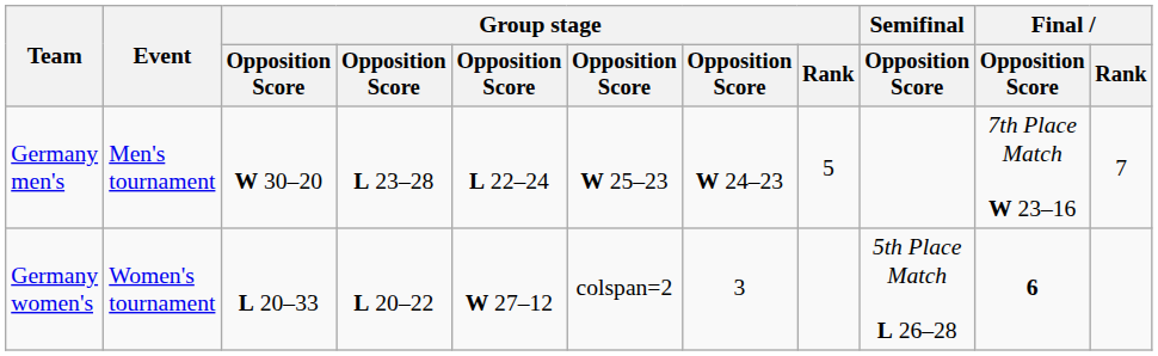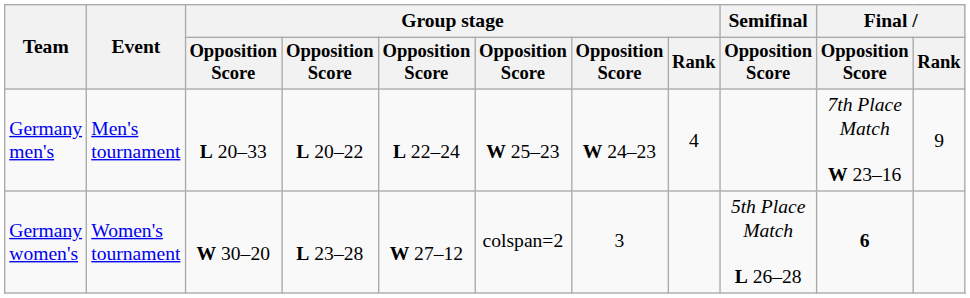 <table class="wikitable" style="font-size:90%">
 <tr>
 <th rowspan=2>Team</th>
 <th rowspan=2>Event</th>
 <th colspan=6>Group stage</th>
 <th>Semifinal</th>
 <th colspan=2>Final / </th>
 </tr>
 <tr style="font-size:95%">
 <th>Opposition<br>Score</th>
 <th>Opposition<br>Score</th>
 <th>Opposition<br>Score</th>
 <th>Opposition<br>Score</th>
 <th>Opposition<br>Score</th>
 <th>Rank</th>
 <th>Opposition<br>Score</th>
 <th>Opposition<br>Score</th>
 <th>Rank</th>
 </tr>
 <tr align=center>
 <td align=left><a href='#'>Germany men's</a></td>
 <td align=left><a href='#'>Men's tournament</a></td>
-<td><br><strong>W</strong> 30–20</td>
-<td><br><strong>L</strong> 23–28</td>
+<td><br><strong>L</strong> 20–33</td>
+<td><br><strong>L</strong> 20–22</td>
 <td><br><strong>L</strong> 22–24</td>
 <td><br><strong>W</strong> 25–23</td>
 <td><br><strong>W</strong> 24–23</td>
-<td>5</td>
+<td>4</td>
 <td></td>
 <td><em>7th Place Match</em><br><br><strong>W</strong> 23–16</td>
-<td>7</td>
+<td>9</td>
 </tr>
 <tr align=center>
 <td align=left><a href='#'>Germany women's</a></td>
 <td align=left><a href='#'>Women's tournament</a></td>
-<td><br><strong>L</strong> 20–33</td>
-<td><br><strong>L</strong> 20–22</td>
+<td><br><strong>W</strong> 30–20</td>
+<td><br><strong>L</strong> 23–28</td>
 <td><br><strong>W</strong> 27–12</td>
 <td>colspan=2</td>
 <td>3</td>
 <td></td>
 <td><em>5th Place Match</em><br><br><strong>L</strong> 26–28</td>
 <td><strong>6</strong></td>
 </tr>
 </table>
